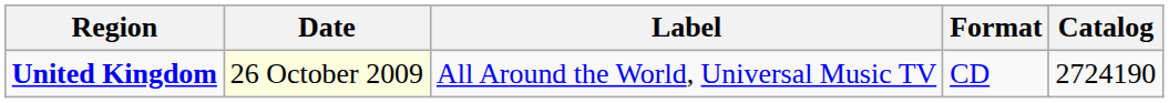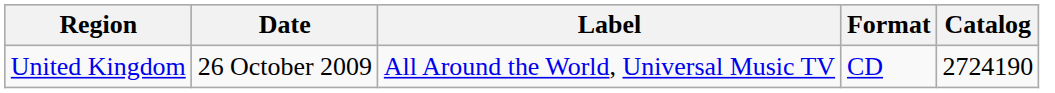 <table class="wikitable">
 <tr>
 <th><strong>Region</strong></th>
 <th><strong>Date</strong></th>
 <th><strong>Label</strong></th>
 <th><strong>Format</strong></th>
 <th><strong>Catalog</strong></th>
 </tr>
 <tr>
-<td><strong><a href='#'>United Kingdom</a></strong></td>
-<td style="background: lightyellow;">26 October 2009</td>
+<td><a href='#'>United Kingdom</a></td>
+<td>26 October 2009</td>
 <td><a href='#'>All Around the World</a>, <a href='#'>Universal Music TV</a></td>
 <td><a href='#'>CD</a></td>
 <td>2724190</td>
 </tr>
 </table>
